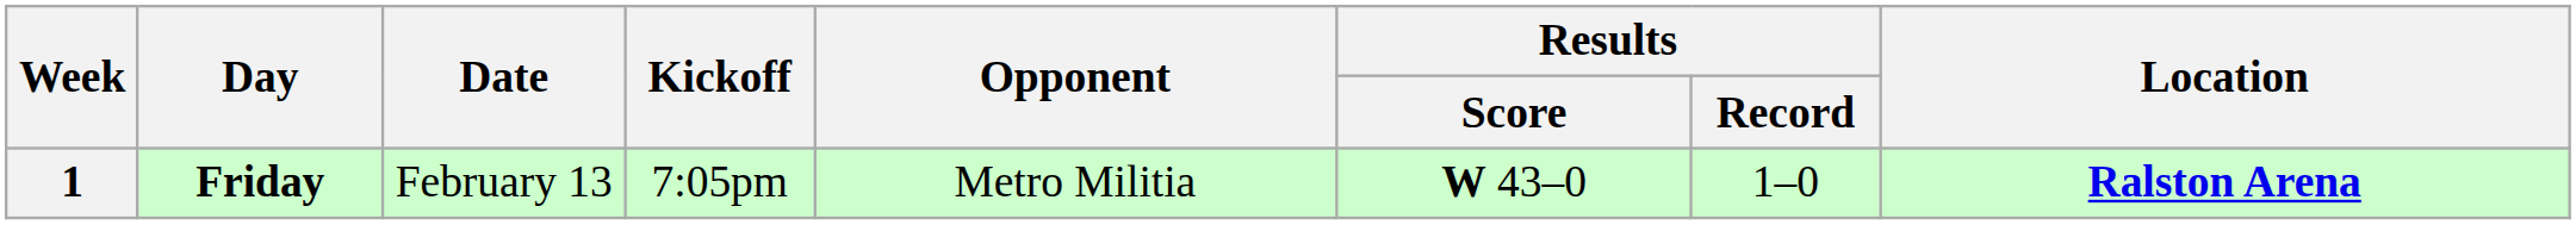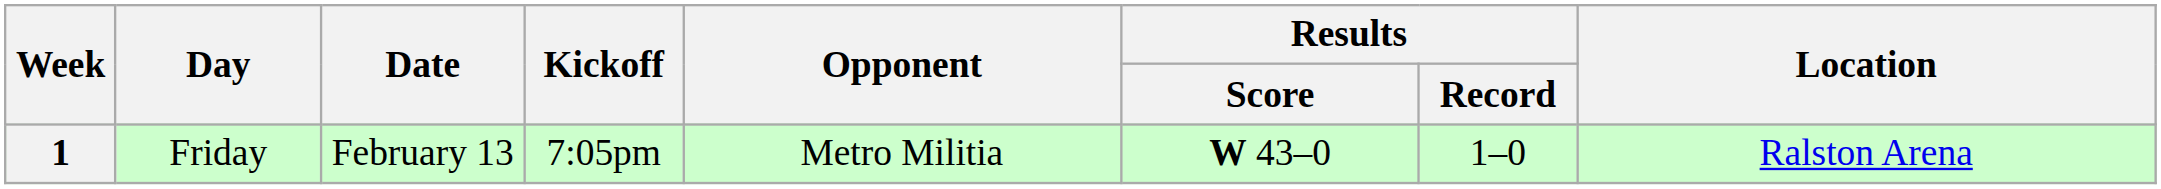 <table class="wikitable">
 <tr>
 <th rowspan="2" width="40">Week</th>
 <th rowspan="2" width="80">Day</th>
 <th rowspan="2" width="80">Date</th>
 <th rowspan="2" width="60">Kickoff</th>
 <th rowspan="2" width="180">Opponent</th>
 <th colspan="2" width="180">Results</th>
 <th rowspan="2" width="240">Location</th>
 </tr>
 <tr>
 <th width="120">Score</th>
 <th width="60">Record</th>
 </tr>
 <tr align="center" bgcolor="#CCFFCC">
 <th>1</th>
-<td><strong>Friday</strong></td>
+<td>Friday</td>
 <td>February 13</td>
 <td>7:05pm</td>
 <td>Metro Militia</td>
 <td><strong>W</strong> 43–0</td>
 <td>1–0</td>
-<td><strong><a href='#'>Ralston Arena</a></strong></td>
+<td><a href='#'>Ralston Arena</a></td>
 </tr>
 </table>
